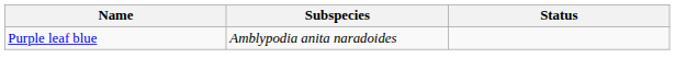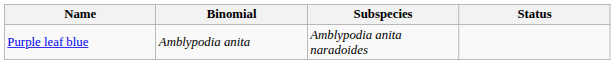 <table width=60% class="wikitable">
 <tr>
 <th width=20%>Name</th>
+<th width=20%>Binomial</th>
 <th width=20%>Subspecies</th>
 <th width=20%>Status</th>
 </tr>
 <tr>
 <td><a href='#'>Purple leaf blue</a><br> </td>
+<td><em>Amblypodia anita</em></td>
 <td><em>Amblypodia anita naradoides</em></td>
 <td></td>
 </tr>
 </table>
